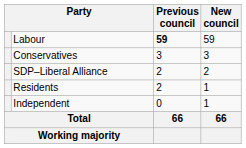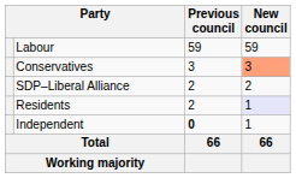 <table class="wikitable">
 <tr>
 <th valign=top colspan="2" style="width: 230px">Party</th>
 <th valign=top style="width: 30px">Previous council</th>
 <th valign=top style="width: 30px">New council</th>
 </tr>
 <tr>
 <th style="background-color: "></th>
 <td>Labour</td>
-<td><strong>59</strong></td>
+<td>59</td>
 <td>59</td>
 </tr>
 <tr>
 <th style="background-color: "></th>
 <td>Conservatives</td>
 <td>3</td>
-<td>3</td>
+<td style="background: lightsalmon;">3</td>
 </tr>
 <tr>
 <th style="background-color: "></th>
 <td>SDP–Liberal Alliance</td>
 <td>2</td>
 <td>2</td>
 </tr>
 <tr>
 <th style="background-color: "></th>
 <td>Residents</td>
 <td>2</td>
-<td>1</td>
+<td style="background: lavender;">1</td>
 </tr>
 <tr>
 <th style="background-color: "></th>
 <td>Independent</td>
-<td>0</td>
+<td><strong>0</strong></td>
 <td>1</td>
 </tr>
 <tr>
 <th colspan=2>Total</th>
 <th style="text-align: center">66</th>
 <th colspan=3>66</th>
 </tr>
 <tr>
 <th colspan=2>Working majority</th>
 <th></th>
 <th></th>
 </tr>
 </table>
